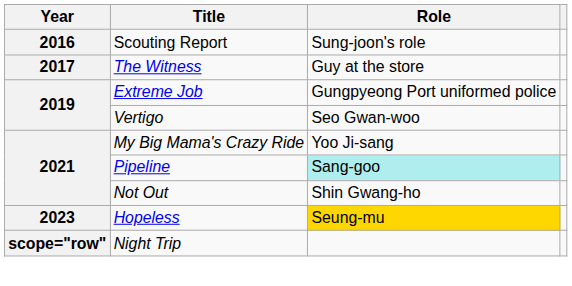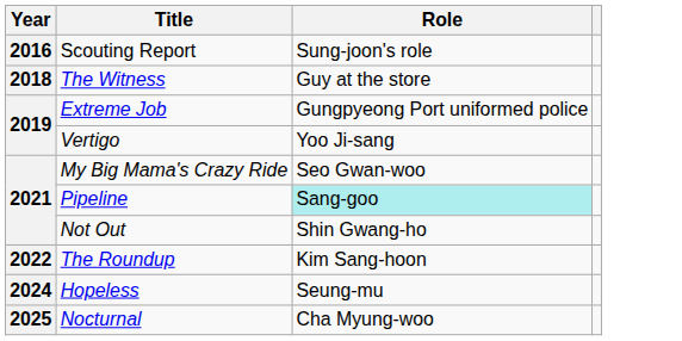 <table class="wikitable plainrowheaders sortable">
 <tr>
 <th scope="col">Year</th>
 <th scope="col">Title</th>
 <th scope="col">Role</th>
 <th scope="col" class="unsortable"></th>
 </tr>
 <tr>
 <th scope="row">2016</th>
 <td>Scouting Report</td>
 <td>Sung-joon's role</td>
 <td style="text-align:center"></td>
 </tr>
 <tr>
-<th scope="row">2017</th>
+<th scope="row">2018</th>
 <td><em><a href='#'>The Witness</a></em></td>
 <td>Guy at the store</td>
 <td style="text-align:center"></td>
 </tr>
 <tr>
 <th scope="row" rowspan="2">2019</th>
 <td><em><a href='#'>Extreme Job</a></em></td>
 <td>Gungpyeong Port uniformed police</td>
 <td style="text-align:center"></td>
 </tr>
 <tr>
 <td><em>Vertigo</em></td>
-<td>Seo Gwan-woo</td>
+<td>Yoo Ji-sang</td>
 <td style="text-align:center"></td>
 </tr>
 <tr>
 <th scope="row" rowspan="3">2021</th>
 <td><em>My Big Mama's Crazy Ride</em></td>
-<td>Yoo Ji-sang</td>
+<td>Seo Gwan-woo</td>
 <td style="text-align:center"></td>
 </tr>
 <tr>
 <td><em><a href='#'>Pipeline</a></em></td>
 <td style="background: paleturquoise;">Sang-goo</td>
 <td style="text-align:center"></td>
 </tr>
 <tr>
 <td><em>Not Out</em></td>
 <td>Shin Gwang-ho</td>
 <td style="text-align:center"></td>
 </tr>
 <tr>
-<th scope="row">2023</th>
-<td><a href='#'><em>Hopeless</em></a></td>
-<td style="background: gold;">Seung-mu</td>
+<th scope="row">2022</th>
+<td><em><a href='#'>The Roundup</a></em></td>
+<td>Kim Sang-hoon</td>
 <td style="text-align:center"></td>
 </tr>
 <tr>
-<th>scope="row" </th>
-<td><em>Night Trip</em></td>
-<td></td>
+<th scope="row">2024</th>
+<td><a href='#'><em>Hopeless</em></a></td>
+<td>Seung-mu</td>
+<td style="text-align:center"></td>
+</tr>
+<tr>
+<th scope="row">2025</th>
+<td><em><a href='#'>Nocturnal</a></em></td>
+<td>Cha Myung-woo</td>
 <td style="text-align:center"></td>
 </tr>
 </table>
